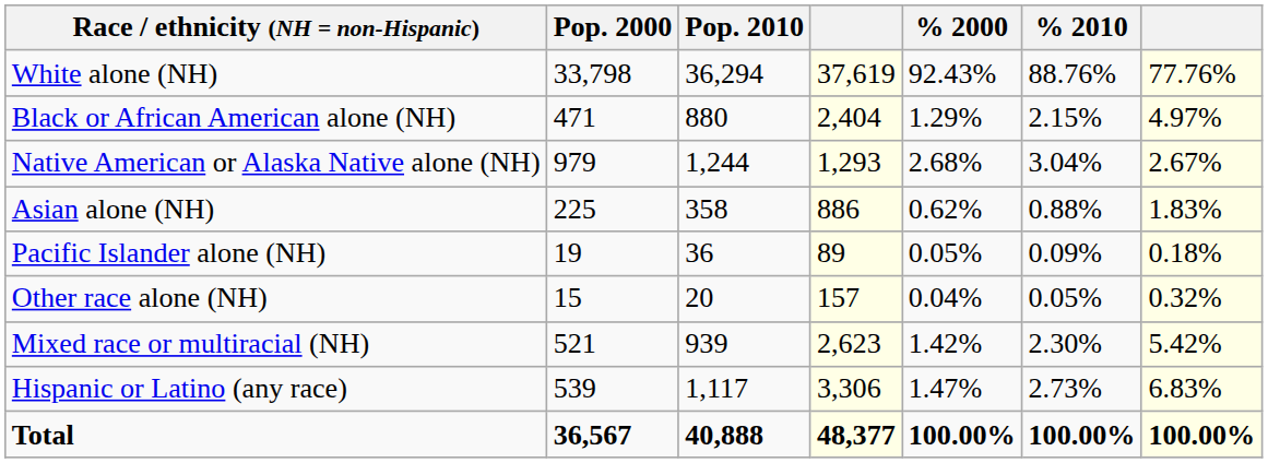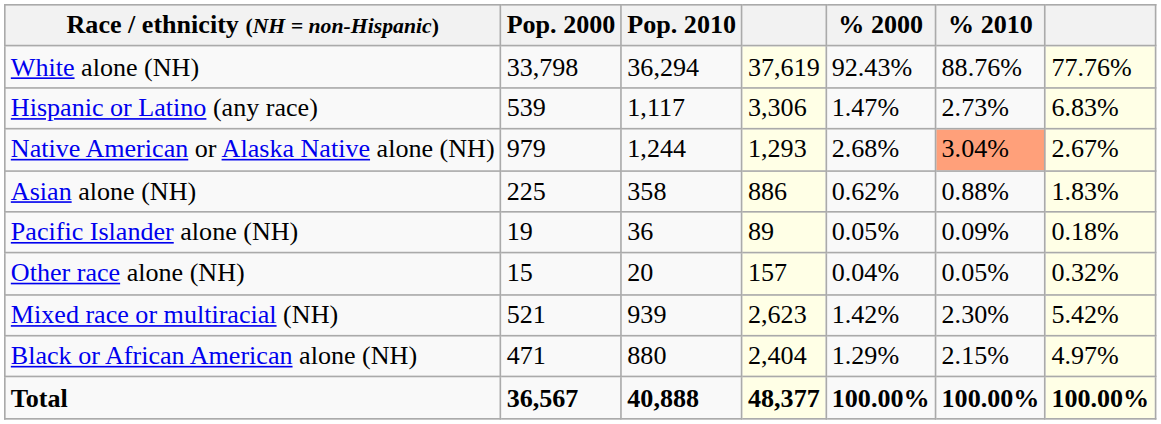 <table class="wikitable">
 <tr>
 <th>Race / ethnicity <small>(<em>NH = non-Hispanic</em>)</small></th>
 <th>Pop. 2000</th>
 <th>Pop. 2010</th>
 <th></th>
 <th>% 2000</th>
 <th>% 2010</th>
 <th></th>
 </tr>
 <tr>
 <td><a href='#'>White</a> alone (NH)</td>
 <td>33,798</td>
 <td>36,294</td>
 <td style='background: #ffffe6;'>37,619</td>
 <td>92.43%</td>
 <td>88.76%</td>
 <td style='background: #ffffe6;'>77.76%</td>
 </tr>
 <tr>
-<td><a href='#'>Black or African American</a> alone (NH)</td>
-<td>471</td>
-<td>880</td>
-<td style='background: #ffffe6;'>2,404</td>
-<td>1.29%</td>
-<td>2.15%</td>
-<td style='background: #ffffe6;'>4.97%</td>
+<td><a href='#'>Hispanic or Latino</a> (any race)</td>
+<td>539</td>
+<td>1,117</td>
+<td style='background: #ffffe6;'>3,306</td>
+<td>1.47%</td>
+<td>2.73%</td>
+<td style='background: #ffffe6;'>6.83%</td>
 </tr>
 <tr>
 <td><a href='#'>Native American</a> or <a href='#'>Alaska Native</a> alone (NH)</td>
 <td>979</td>
 <td>1,244</td>
 <td style='background: #ffffe6;'>1,293</td>
 <td>2.68%</td>
-<td>3.04%</td>
+<td style="background: lightsalmon;">3.04%</td>
 <td style='background: #ffffe6;'>2.67%</td>
 </tr>
 <tr>
 <td><a href='#'>Asian</a> alone (NH)</td>
 <td>225</td>
 <td>358</td>
 <td style='background: #ffffe6;'>886</td>
 <td>0.62%</td>
 <td>0.88%</td>
 <td style='background: #ffffe6;'>1.83%</td>
 </tr>
 <tr>
 <td><a href='#'>Pacific Islander</a> alone (NH)</td>
 <td>19</td>
 <td>36</td>
 <td style='background: #ffffe6;'>89</td>
 <td>0.05%</td>
 <td>0.09%</td>
 <td style='background: #ffffe6;'>0.18%</td>
 </tr>
 <tr>
 <td><a href='#'>Other race</a> alone (NH)</td>
 <td>15</td>
 <td>20</td>
 <td style='background: #ffffe6;'>157</td>
 <td>0.04%</td>
 <td>0.05%</td>
 <td style='background: #ffffe6;'>0.32%</td>
 </tr>
 <tr>
 <td><a href='#'>Mixed race or multiracial</a> (NH)</td>
 <td>521</td>
 <td>939</td>
 <td style='background: #ffffe6;'>2,623</td>
 <td>1.42%</td>
 <td>2.30%</td>
 <td style='background: #ffffe6;'>5.42%</td>
 </tr>
 <tr>
-<td><a href='#'>Hispanic or Latino</a> (any race)</td>
-<td>539</td>
-<td>1,117</td>
-<td style='background: #ffffe6;'>3,306</td>
-<td>1.47%</td>
-<td>2.73%</td>
-<td style='background: #ffffe6;'>6.83%</td>
+<td><a href='#'>Black or African American</a> alone (NH)</td>
+<td>471</td>
+<td>880</td>
+<td style='background: #ffffe6;'>2,404</td>
+<td>1.29%</td>
+<td>2.15%</td>
+<td style='background: #ffffe6;'>4.97%</td>
 </tr>
 <tr>
 <td><strong>Total</strong></td>
 <td><strong>36,567</strong></td>
 <td><strong>40,888</strong></td>
 <td style='background: #ffffe6;'><strong>48,377</strong></td>
 <td><strong>100.00%</strong></td>
 <td><strong>100.00%</strong></td>
 <td style='background: #ffffe6;'><strong>100.00%</strong></td>
 </tr>
 </table>
